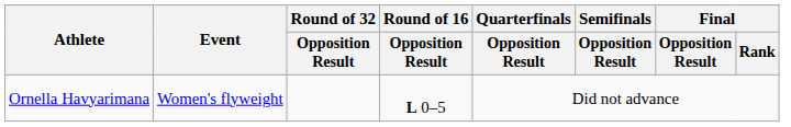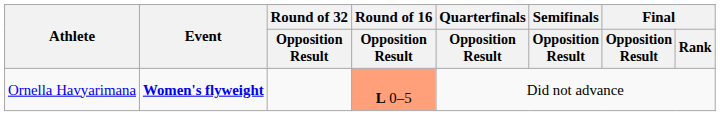 <table class="wikitable" style="font-size:90%">
 <tr>
 <th rowspan="2">Athlete</th>
 <th rowspan="2">Event</th>
 <th>Round of 32</th>
 <th>Round of 16</th>
 <th>Quarterfinals</th>
 <th>Semifinals</th>
 <th colspan=2>Final</th>
 </tr>
 <tr style="font-size:95%">
 <th>Opposition<br>Result</th>
 <th>Opposition<br>Result</th>
 <th>Opposition<br>Result</th>
 <th>Opposition<br>Result</th>
 <th>Opposition<br>Result</th>
 <th>Rank</th>
 </tr>
 <tr align=center>
 <td align=left><a href='#'>Ornella Havyarimana</a></td>
-<td align=left><a href='#'>Women's flyweight</a></td>
+<td align=left><strong><a href='#'>Women's flyweight</a></strong></td>
 <td></td>
-<td><br><strong>L</strong> 0–5</td>
+<td style="background: lightsalmon;"><br><strong>L</strong> 0–5</td>
 <td colspan=4>Did not advance</td>
 </tr>
 </table>
